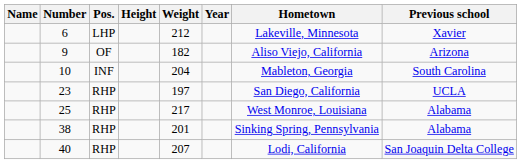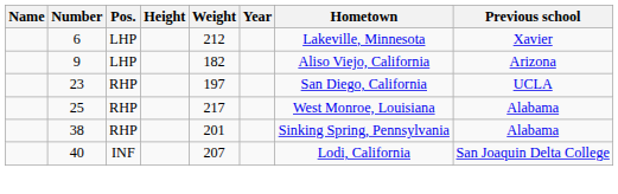 <table class="wikitable sortable sortable" style="text-align: center">
 <tr align=center>
 <th>Name</th>
 <th>Number</th>
 <th>Pos.</th>
 <th>Height</th>
 <th>Weight</th>
 <th>Year</th>
 <th>Hometown</th>
 <th>Previous school</th>
 </tr>
 <tr>
 <td></td>
 <td>6</td>
 <td>LHP</td>
 <td></td>
 <td>212</td>
 <td></td>
 <td><a href='#'>Lakeville, Minnesota</a></td>
 <td><a href='#'>Xavier</a></td>
 </tr>
 <tr>
 <td></td>
 <td>9</td>
-<td>OF</td>
+<td>LHP</td>
 <td></td>
 <td>182</td>
 <td></td>
 <td><a href='#'>Aliso Viejo, California</a></td>
 <td><a href='#'>Arizona</a></td>
-</tr>
-<tr>
-<td></td>
-<td>10</td>
-<td>INF</td>
-<td></td>
-<td>204</td>
-<td></td>
-<td><a href='#'>Mableton, Georgia</a></td>
-<td><a href='#'>South Carolina</a></td>
 </tr>
 <tr>
 <td></td>
 <td>23</td>
 <td>RHP</td>
 <td></td>
 <td>197</td>
 <td></td>
 <td><a href='#'>San Diego, California</a></td>
 <td><a href='#'>UCLA</a></td>
 </tr>
 <tr>
 <td></td>
 <td>25</td>
 <td>RHP</td>
 <td></td>
 <td>217</td>
 <td></td>
 <td><a href='#'>West Monroe, Louisiana</a></td>
 <td><a href='#'>Alabama</a></td>
 </tr>
 <tr>
 <td></td>
 <td>38</td>
 <td>RHP</td>
 <td></td>
 <td>201</td>
 <td></td>
 <td><a href='#'>Sinking Spring, Pennsylvania</a></td>
 <td><a href='#'>Alabama</a></td>
 </tr>
 <tr>
 <td></td>
 <td>40</td>
-<td>RHP</td>
+<td>INF</td>
 <td></td>
 <td>207</td>
 <td></td>
 <td><a href='#'>Lodi, California</a></td>
 <td><a href='#'>San Joaquin Delta College</a></td>
 </tr>
 </table>
